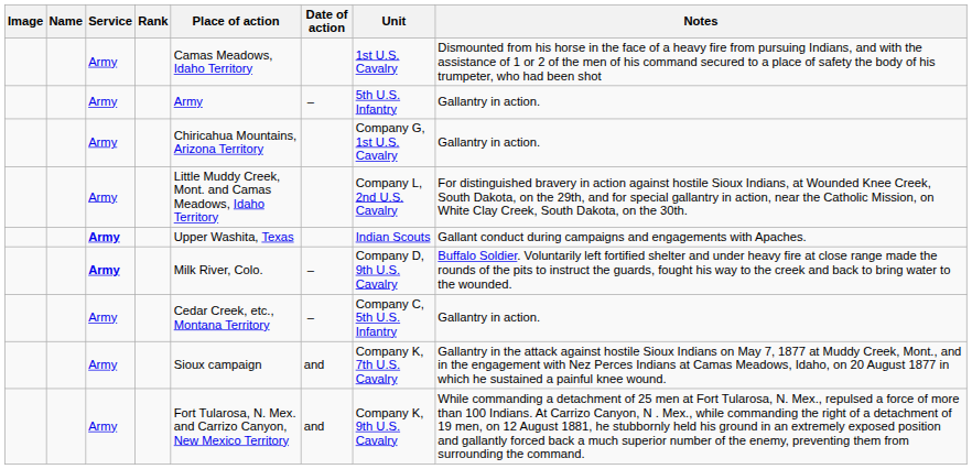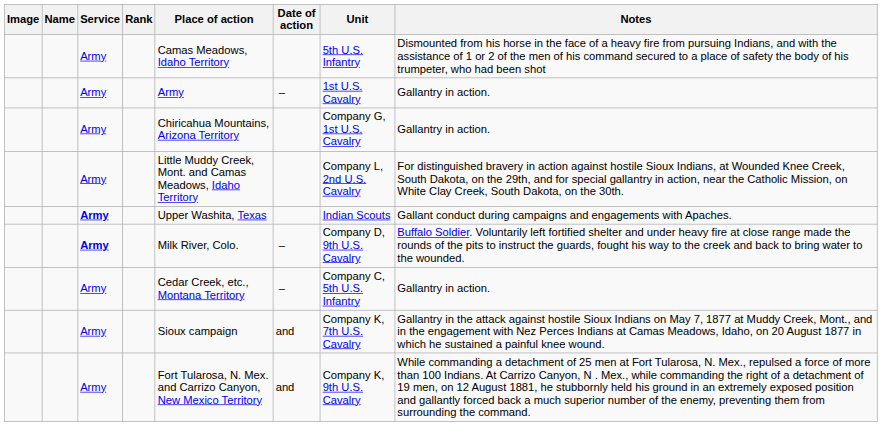 <table class="wikitable sortable">
 <tr>
 <th class="unsortable">Image</th>
 <th>Name</th>
 <th>Service</th>
 <th>Rank</th>
 <th>Place of action</th>
 <th>Date of action</th>
 <th>Unit</th>
 <th class="unsortable">Notes</th>
 </tr>
 <tr>
 <td></td>
 <td></td>
 <td><a href='#'>Army</a></td>
 <td></td>
 <td>Camas Meadows, <a href='#'>Idaho Territory</a></td>
 <td></td>
-<td><a href='#'>1st U.S. Cavalry</a></td>
+<td><a href='#'>5th U.S. Infantry</a></td>
 <td>Dismounted from his horse in the face of a heavy fire from pursuing Indians, and with the assistance of 1 or 2 of the men of his command secured to a place of safety the body of his trumpeter, who had been shot</td>
 </tr>
 <tr>
 <td></td>
 <td></td>
 <td><a href='#'>Army</a></td>
 <td></td>
 <td><a href='#'>Army</a></td>
 <td> – </td>
-<td><a href='#'>5th U.S. Infantry</a></td>
+<td><a href='#'>1st U.S. Cavalry</a></td>
 <td>Gallantry in action.</td>
 </tr>
 <tr>
 <td></td>
 <td></td>
 <td><a href='#'>Army</a></td>
 <td></td>
 <td>Chiricahua Mountains, <a href='#'>Arizona Territory</a></td>
 <td></td>
 <td>Company G, <a href='#'>1st U.S. Cavalry</a></td>
 <td>Gallantry in action.</td>
 </tr>
 <tr>
 <td></td>
 <td></td>
 <td><a href='#'>Army</a></td>
 <td></td>
 <td>Little Muddy Creek, Mont. and Camas Meadows, <a href='#'>Idaho Territory</a></td>
 <td></td>
 <td>Company L, <a href='#'>2nd U.S. Cavalry</a></td>
 <td>For distinguished bravery in action against hostile Sioux Indians, at Wounded Knee Creek, South Dakota, on the 29th, and for special gallantry in action, near the Catholic Mission, on White Clay Creek, South Dakota, on the 30th.</td>
 </tr>
 <tr>
 <td></td>
 <td></td>
 <td><strong><a href='#'>Army</a></strong></td>
 <td></td>
 <td>Upper Washita, <a href='#'>Texas</a></td>
 <td></td>
 <td><a href='#'>Indian Scouts</a></td>
 <td>Gallant conduct during campaigns and engagements with Apaches.</td>
 </tr>
 <tr>
 <td></td>
 <td></td>
 <td><strong><a href='#'>Army</a></strong></td>
 <td></td>
 <td>Milk River, Colo.</td>
 <td> – </td>
 <td>Company D, <a href='#'>9th U.S. Cavalry</a></td>
 <td><a href='#'>Buffalo Soldier</a>. Voluntarily left fortified shelter and under heavy fire at close range made the rounds of the pits to instruct the guards, fought his way to the creek and back to bring water to the wounded.</td>
 </tr>
 <tr>
 <td></td>
 <td></td>
 <td><a href='#'>Army</a></td>
 <td></td>
 <td>Cedar Creek, etc., <a href='#'>Montana Territory</a></td>
 <td> – </td>
 <td>Company C, <a href='#'>5th U.S. Infantry</a></td>
 <td>Gallantry in action.</td>
 </tr>
 <tr>
 <td></td>
 <td></td>
 <td><a href='#'>Army</a></td>
 <td></td>
 <td>Sioux campaign</td>
 <td> and </td>
 <td>Company K, <a href='#'>7th U.S. Cavalry</a></td>
 <td>Gallantry in the attack against hostile Sioux Indians on May 7, 1877 at Muddy Creek, Mont., and in the engagement with Nez Perces Indians at Camas Meadows, Idaho, on 20 August 1877 in which he sustained a painful knee wound.</td>
 </tr>
 <tr>
 <td></td>
 <td></td>
 <td><a href='#'>Army</a></td>
 <td></td>
 <td>Fort Tularosa, N. Mex. and Carrizo Canyon, <a href='#'>New Mexico Territory</a></td>
 <td> and </td>
 <td>Company K, <a href='#'>9th U.S. Cavalry</a></td>
 <td>While commanding a detachment of 25 men at Fort Tularosa, N. Mex., repulsed a force of more than 100 Indians. At Carrizo Canyon, N . Mex., while commanding the right of a detachment of 19 men, on 12 August 1881, he stubbornly held his ground in an extremely exposed position and gallantly forced back a much superior number of the enemy, preventing them from surrounding the command.</td>
 </tr>
 </table>
